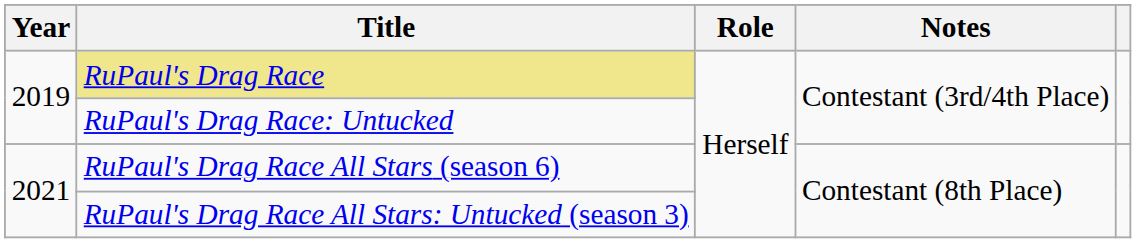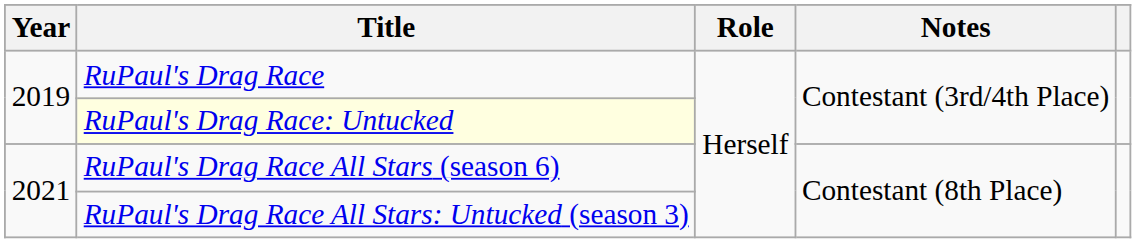 <table class="wikitable">
 <tr>
 <th>Year</th>
 <th>Title</th>
 <th>Role</th>
 <th>Notes</th>
 <th style="text-align: center;" class="unsortable"></th>
 </tr>
 <tr>
 <td rowspan="2">2019</td>
-<td style="background: khaki;"><em><a href='#'>RuPaul's Drag Race</a></em></td>
+<td><em><a href='#'>RuPaul's Drag Race</a></em></td>
 <td rowspan="4">Herself</td>
 <td rowspan="2">Contestant (3rd/4th Place)</td>
 <td rowspan="2" style="text-align: center;"></td>
 </tr>
 <tr>
-<td><em><a href='#'>RuPaul's Drag Race: Untucked</a></em></td>
+<td style="background: lightyellow;"><em><a href='#'>RuPaul's Drag Race: Untucked</a></em></td>
 </tr>
 <tr>
 <td rowspan="2">2021</td>
 <td><a href='#'><em>RuPaul's Drag Race All Stars</em> (season 6)</a></td>
 <td rowspan="2">Contestant (8th Place)</td>
 <td rowspan="2" style="text-align: center;"></td>
 </tr>
 <tr>
 <td scope="row"><a href='#'><em>RuPaul's Drag Race All Stars: Untucked</em> (season 3)</a></td>
 </tr>
 </table>
